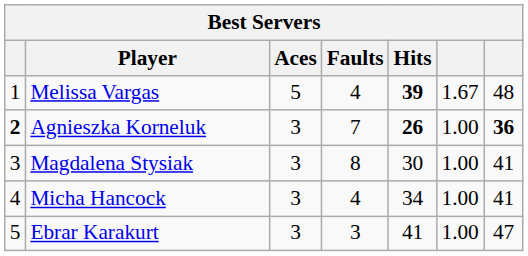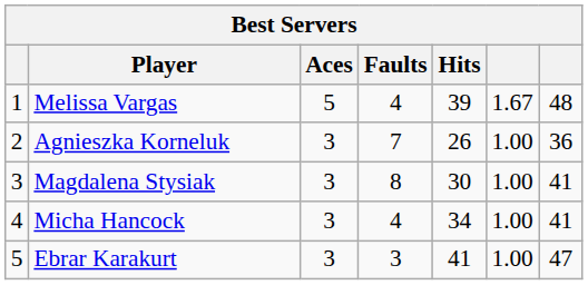 <table class="wikitable sortable" style=font-size:90%>
 <tr>
 <th colspan=7>Best Servers</th>
 </tr>
 <tr>
 <th></th>
 <th width=158>Player</th>
 <th width=20>Aces</th>
 <th width=20>Faults</th>
 <th width=20>Hits</th>
 <th width=20></th>
 <th width=20></th>
 </tr>
 <tr>
 <td>1</td>
 <td> <a href='#'>Melissa Vargas</a></td>
 <td align=center>5</td>
 <td align=center>4</td>
-<td align=center><strong>39</strong></td>
+<td align=center>39</td>
 <td align=center>1.67</td>
 <td align=center>48</td>
 </tr>
 <tr>
-<td><strong>2</strong></td>
+<td>2</td>
 <td> <a href='#'>Agnieszka Korneluk</a></td>
 <td align=center>3</td>
 <td align=center>7</td>
-<td align=center><strong>26</strong></td>
+<td align=center>26</td>
 <td align=center>1.00</td>
-<td align=center><strong>36</strong></td>
+<td align=center>36</td>
 </tr>
 <tr>
 <td>3</td>
 <td> <a href='#'>Magdalena Stysiak</a></td>
 <td align=center>3</td>
 <td align=center>8</td>
 <td align=center>30</td>
 <td align=center>1.00</td>
 <td align=center>41</td>
 </tr>
 <tr>
 <td>4</td>
 <td> <a href='#'>Micha Hancock</a></td>
 <td align=center>3</td>
 <td align=center>4</td>
 <td align=center>34</td>
 <td align=center>1.00</td>
 <td align=center>41</td>
 </tr>
 <tr>
 <td>5</td>
 <td> <a href='#'>Ebrar Karakurt</a></td>
 <td align=center>3</td>
 <td align=center>3</td>
 <td align=center>41</td>
 <td align=center>1.00</td>
 <td align=center>47</td>
 </tr>
 </table>
